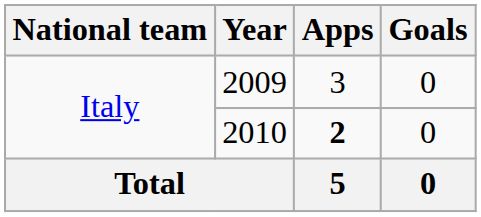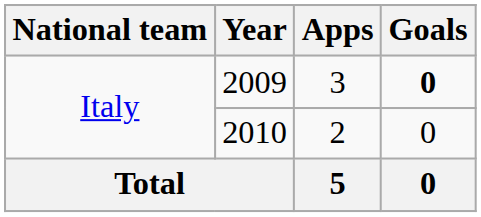 <table class="wikitable" style="text-align:center">
 <tr>
 <th>National team</th>
 <th>Year</th>
 <th>Apps</th>
 <th>Goals</th>
 </tr>
 <tr>
 <td rowspan="2"><a href='#'>Italy</a></td>
 <td>2009</td>
 <td>3</td>
-<td>0</td>
+<td><strong>0</strong></td>
 </tr>
 <tr>
 <td>2010</td>
-<td><strong>2</strong></td>
+<td>2</td>
 <td>0</td>
 </tr>
 <tr>
 <th colspan="2">Total</th>
 <th>5</th>
 <th>0</th>
 </tr>
 </table>
